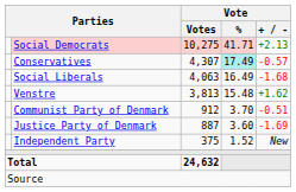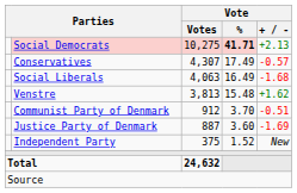 <table class="wikitable" style="text-align:right;">
 <tr>
 <th style="text-align:centre;" rowspan="2" colspan="2" width="225">Parties</th>
 <th colspan="3">Vote</th>
 </tr>
 <tr>
 <th width="15">Votes</th>
 <th width="15">%</th>
 <th width="15">+ / -</th>
 </tr>
 <tr>
 <td width="2" style="color:inherit;background:"></td>
 <td bgcolor=#fbd0ce  align="left"><a href='#'>Social Democrats</a></td>
 <td bgcolor=#fbd0ce>10,275</td>
-<td bgcolor=#fbd0ce>41.71</td>
+<td bgcolor=#fbd0ce><strong>41.71</strong></td>
 <td style=color:green;>+2.13</td>
 </tr>
 <tr>
 <td width="2" style="color:inherit;background:"></td>
 <td align="left"><a href='#'>Conservatives</a></td>
 <td>4,307</td>
-<td style="background: paleturquoise;">17.49</td>
+<td>17.49</td>
 <td style=color:red;>-0.57</td>
 </tr>
 <tr>
 <td width="2" style="color:inherit;background:"></td>
 <td align="left"><a href='#'>Social Liberals</a></td>
 <td>4,063</td>
 <td>16.49</td>
 <td style=color:red;>-1.68</td>
 </tr>
 <tr>
 <td width="2" style="color:inherit;background:"></td>
 <td align="left"><a href='#'>Venstre</a></td>
 <td>3,813</td>
 <td>15.48</td>
 <td style=color:green;>+1.62</td>
 </tr>
 <tr>
 <td width="2" style="color:inherit;background:"></td>
 <td align="left"><a href='#'>Communist Party of Denmark</a></td>
 <td>912</td>
 <td>3.70</td>
 <td style=color:red;>-0.51</td>
 </tr>
 <tr>
 <td width="2" style="color:inherit;background:"></td>
 <td align="left"><a href='#'>Justice Party of Denmark</a></td>
 <td>887</td>
 <td>3.60</td>
 <td style=color:red;>-1.69</td>
 </tr>
 <tr>
 <td width="2" style="color:inherit;background:"></td>
 <td align="left"><a href='#'>Independent Party</a></td>
 <td>375</td>
 <td>1.52</td>
 <td><em>New</em></td>
 </tr>
 <tr>
 <td colspan="7" bgcolor="#E9E9E9"></td>
 </tr>
 <tr>
 <td align="left" colspan="2"><strong>Total</strong></td>
 <td><strong>24,632</strong></td>
 <td bgcolor="#E9E9E9" colspan="2"></td>
 </tr>
 <tr>
 <td align="left" colspan="6">Source</td>
 </tr>
 </table>
